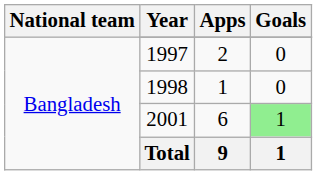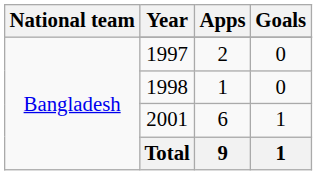 <table class="wikitable" style="text-align: center;">
 <tr>
 <th>National team</th>
 <th>Year</th>
 <th>Apps</th>
 <th>Goals</th>
 </tr>
 <tr>
 <td rowspan="7"><a href='#'>Bangladesh</a></td>
 </tr>
 <tr>
 <td>1997</td>
 <td>2</td>
 <td>0</td>
 </tr>
 <tr>
 <td>1998</td>
 <td>1</td>
 <td>0</td>
 </tr>
 <tr>
 <td>2001</td>
 <td>6</td>
-<td style="background: lightgreen;">1</td>
+<td>1</td>
 </tr>
 <tr>
 <th>Total</th>
 <th>9</th>
 <th>1</th>
 </tr>
 </table>
